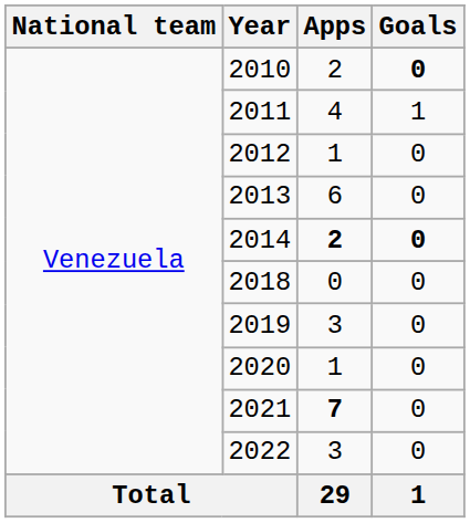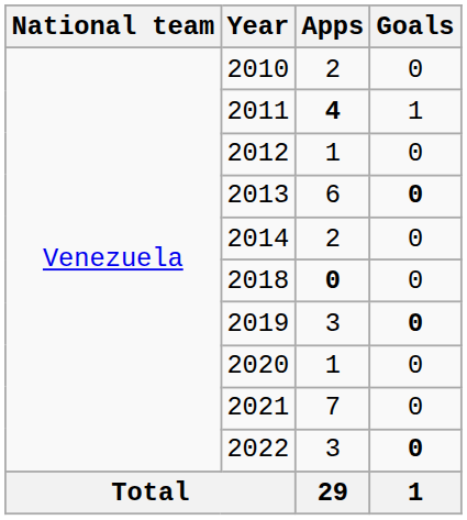 <table class=wikitable style=text-align:center>
 <tr>
 <th>National team</th>
 <th>Year</th>
 <th>Apps</th>
 <th>Goals</th>
 </tr>
 <tr>
 <td rowspan="10"><a href='#'>Venezuela</a></td>
 <td>2010</td>
 <td>2</td>
-<td><strong>0</strong></td>
+<td>0</td>
 </tr>
 <tr>
 <td>2011</td>
-<td>4</td>
+<td><strong>4</strong></td>
 <td>1</td>
 </tr>
 <tr>
 <td>2012</td>
 <td>1</td>
 <td>0</td>
 </tr>
 <tr>
 <td>2013</td>
 <td>6</td>
+<td><strong>0</strong></td>
+</tr>
+<tr>
+<td>2014</td>
+<td>2</td>
 <td>0</td>
 </tr>
 <tr>
-<td>2014</td>
-<td><strong>2</strong></td>
+<td>2018</td>
 <td><strong>0</strong></td>
-</tr>
-<tr>
-<td>2018</td>
-<td>0</td>
 <td>0</td>
 </tr>
 <tr>
 <td>2019</td>
 <td>3</td>
-<td>0</td>
+<td><strong>0</strong></td>
 </tr>
 <tr>
 <td>2020</td>
 <td>1</td>
 <td>0</td>
 </tr>
 <tr>
 <td>2021</td>
-<td><strong>7</strong></td>
+<td>7</td>
 <td>0</td>
 </tr>
 <tr>
 <td>2022</td>
 <td>3</td>
-<td>0</td>
+<td><strong>0</strong></td>
 </tr>
 <tr>
 <th colspan="2">Total</th>
 <th>29</th>
 <th>1</th>
 </tr>
 </table>
